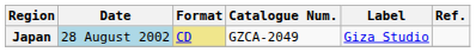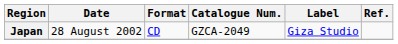 <table class="wikitable sortable plainrowheaders">
 <tr>
 <th scope="col">Region</th>
 <th scope="col">Date</th>
 <th scope="col">Format</th>
 <th scope="col">Catalogue Num.</th>
 <th scope="col">Label</th>
 <th scope="col">Ref.</th>
 </tr>
 <tr>
 <th scope="row">Japan</th>
-<td style="background: lightblue;">28 August 2002</td>
-<td style="background: khaki;"><a href='#'>CD</a></td>
+<td>28 August 2002</td>
+<td><a href='#'>CD</a></td>
 <td>GZCA-2049</td>
 <td><a href='#'>Giza Studio</a></td>
 <td></td>
 </tr>
 <tr>
 </tr>
 </table>
